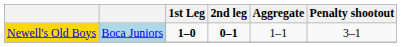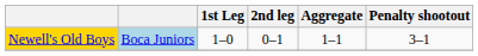 <table class="wikitable" style="text-align: center;">
 <tr>
 <th></th>
 <th></th>
 <th>1st Leg</th>
 <th>2nd leg</th>
 <th>Aggregate</th>
 <th>Penalty shootout</th>
 </tr>
 <tr>
 <td bgcolor="gold"><a href='#'>Newell's Old Boys</a></td>
 <td bgcolor="lightblue"><a href='#'>Boca Juniors</a></td>
-<td><strong>1–0</strong></td>
-<td><strong>0–1</strong></td>
+<td>1–0</td>
+<td>0–1</td>
 <td>1–1</td>
 <td>3–1</td>
 </tr>
 <tr>
 </tr>
 </table>
